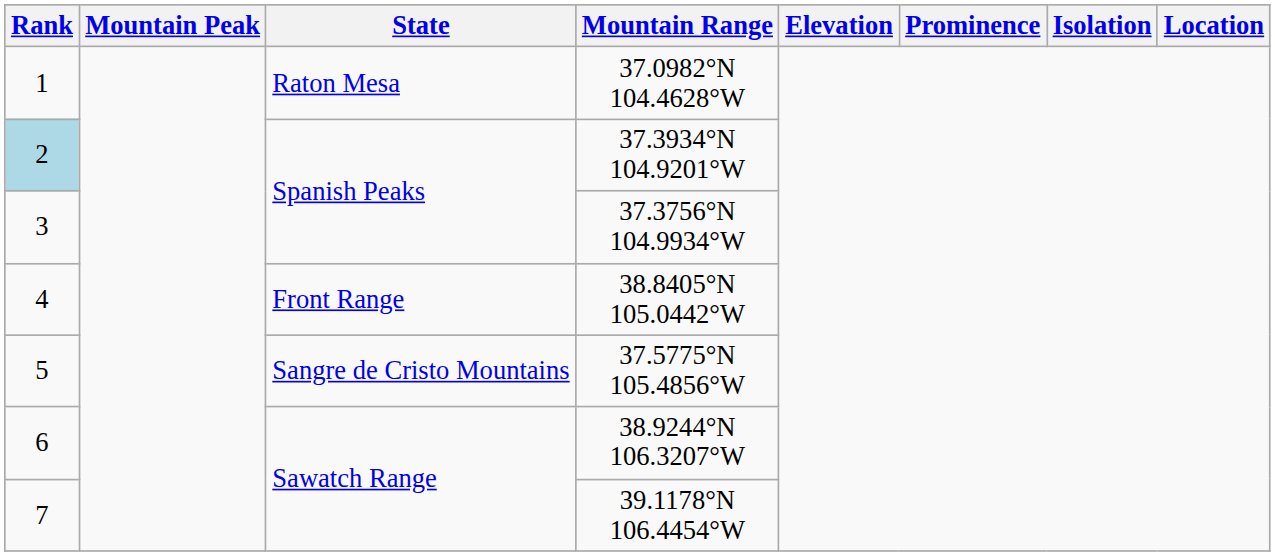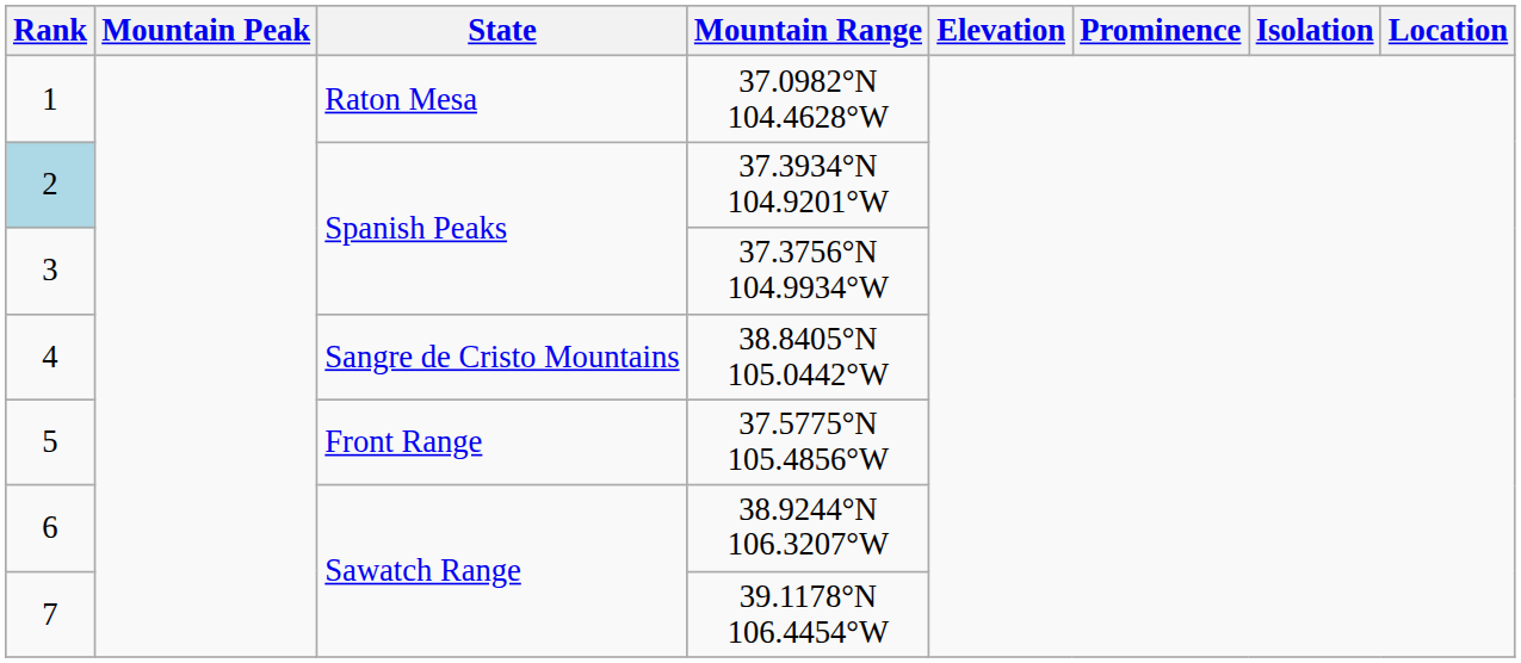 <table class="wikitable sortable">
 <tr>
 <th><a href='#'>Rank</a></th>
 <th><a href='#'>Mountain Peak</a></th>
 <th><a href='#'>State</a></th>
 <th><a href='#'>Mountain Range</a></th>
 <th><a href='#'>Elevation</a></th>
 <th><a href='#'>Prominence</a></th>
 <th><a href='#'>Isolation</a></th>
 <th><a href='#'>Location</a></th>
 </tr>
 <tr>
 <td align=center>1<br></td>
 <td rowspan=7></td>
 <td><a href='#'>Raton Mesa</a><br></td>
 <td align=center>37.0982°N<br>104.4628°W</td>
 </tr>
 <tr>
 <td align=center style="background: lightblue;">2<br></td>
 <td rowspan=2><a href='#'>Spanish Peaks</a><br></td>
 <td align=center>37.3934°N<br>104.9201°W</td>
 </tr>
 <tr>
 <td align=center>3<br> </td>
 <td align=center>37.3756°N<br>104.9934°W</td>
 </tr>
 <tr>
 <td align=center>4<br></td>
-<td><a href='#'>Front Range</a><br></td>
+<td><a href='#'>Sangre de Cristo Mountains</a><br></td>
 <td align=center>38.8405°N<br>105.0442°W</td>
 </tr>
 <tr>
 <td align=center>5<br></td>
-<td><a href='#'>Sangre de Cristo Mountains</a><br></td>
+<td><a href='#'>Front Range</a><br></td>
 <td align=center>37.5775°N<br>105.4856°W</td>
 </tr>
 <tr>
 <td align=center>6<br></td>
 <td rowspan=2><a href='#'>Sawatch Range</a><br></td>
 <td align=center>38.9244°N<br>106.3207°W</td>
 </tr>
 <tr>
 <td align=center>7<br> </td>
 <td align=center>39.1178°N<br>106.4454°W</td>
 </tr>
 </table>
